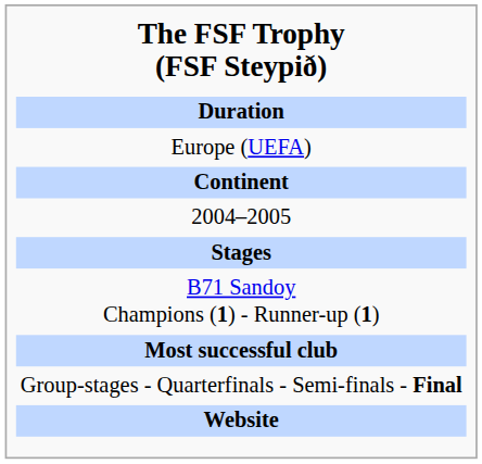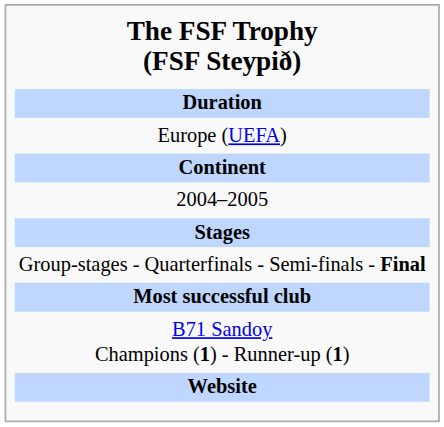 <table class="infobox football" style="width: 16em; text-align: center;">
 <tr>
 <th style="font-size: 16px;">The FSF Trophy<br>(FSF Steypið)</th>
 </tr>
 <tr>
 <td style="font-size: 11px; line-height: 15px;"></td>
 </tr>
 <tr>
 <td style="font-size: 12px; background: #BFD7FF;"><strong>Duration</strong></td>
 </tr>
 <tr>
 <td style="font-size: 12px;">Europe (<a href='#'>UEFA</a>)</td>
 </tr>
 <tr>
 <td style="font-size: 12px; background: #BFD7FF;"><strong>Continent</strong></td>
 </tr>
 <tr>
 <td style="font-size: 12px;">2004–2005</td>
 </tr>
 <tr>
 <td style="font-size: 12px; background: #BFD7FF;"><strong>Stages</strong></td>
 </tr>
 <tr>
-<td style="font-size: 12px;"> <a href='#'>B71 Sandoy</a><br>Champions (<strong>1</strong>) - Runner-up (<strong>1</strong>)</td>
+<td style="font-size: 12px;">Group-stages - Quarterfinals - Semi-finals - <strong>Final</strong></td>
 </tr>
 <tr>
 <td style="font-size: 12px; background: #BFD7FF;"><strong>Most successful club</strong></td>
 </tr>
 <tr>
-<td style="font-size: 12px;">Group-stages - Quarterfinals - Semi-finals - <strong>Final</strong></td>
+<td style="font-size: 12px;"> <a href='#'>B71 Sandoy</a><br>Champions (<strong>1</strong>) - Runner-up (<strong>1</strong>)</td>
 </tr>
 <tr>
 <td style="font-size: 12px; background: #BFD7FF;"><strong>Website</strong></td>
 </tr>
 <tr>
 <td style="font-size: 12px;"></td>
 </tr>
 <tr>
 </tr>
 </table>
